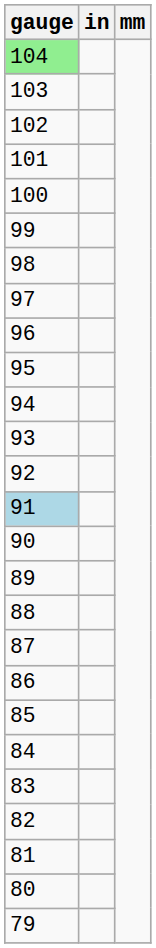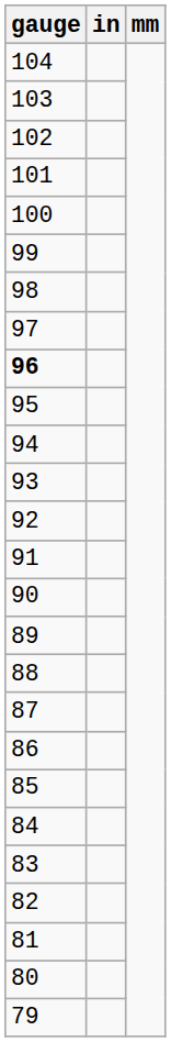 <table class="wikitable">
 <tr>
 <th>gauge</th>
 <th>in</th>
 <th>mm</th>
 </tr>
 <tr>
-<td style="background: lightgreen;">104</td>
+<td>104</td>
 <td></td>
 </tr>
 <tr>
 <td>103</td>
 <td></td>
 </tr>
 <tr>
 <td>102</td>
 <td></td>
 </tr>
 <tr>
 <td>101</td>
 <td></td>
 </tr>
 <tr>
 <td>100</td>
 <td></td>
 </tr>
 <tr>
 <td>99</td>
 <td></td>
 </tr>
 <tr>
 <td>98</td>
 <td></td>
 </tr>
 <tr>
 <td>97</td>
 <td></td>
 </tr>
 <tr>
-<td>96</td>
+<td><strong>96</strong></td>
 <td></td>
 </tr>
 <tr>
 <td>95</td>
 <td></td>
 </tr>
 <tr>
 <td>94</td>
 <td></td>
 </tr>
 <tr>
 <td>93</td>
 <td></td>
 </tr>
 <tr>
 <td>92</td>
 <td></td>
 </tr>
 <tr>
-<td style="background: lightblue;">91</td>
+<td>91</td>
 <td></td>
 </tr>
 <tr>
 <td>90</td>
 <td></td>
 </tr>
 <tr>
 <td>89</td>
 <td></td>
 </tr>
 <tr>
 <td>88</td>
 <td></td>
 </tr>
 <tr>
 <td>87</td>
 <td></td>
 </tr>
 <tr>
 <td>86</td>
 <td></td>
 </tr>
 <tr>
 <td>85</td>
 <td></td>
 </tr>
 <tr>
 <td>84</td>
 <td></td>
 </tr>
 <tr>
 <td>83</td>
 <td></td>
 </tr>
 <tr>
 <td>82</td>
 <td></td>
 </tr>
 <tr>
 <td>81</td>
 <td></td>
 </tr>
 <tr>
 <td>80</td>
 <td></td>
 </tr>
 <tr>
 <td>79</td>
 <td></td>
 </tr>
 </table>
